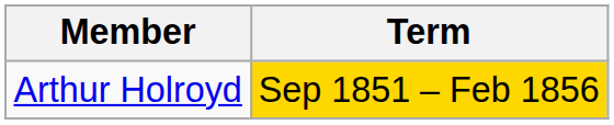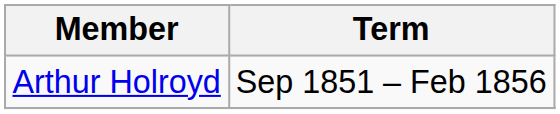 <table class="wikitable">
 <tr>
 <th>Member</th>
 <th>Term</th>
 </tr>
 <tr>
 <td><a href='#'>Arthur Holroyd</a></td>
-<td style="background: gold;">Sep 1851 – Feb 1856</td>
+<td>Sep 1851 – Feb 1856</td>
 </tr>
 <tr>
 </tr>
 </table>
